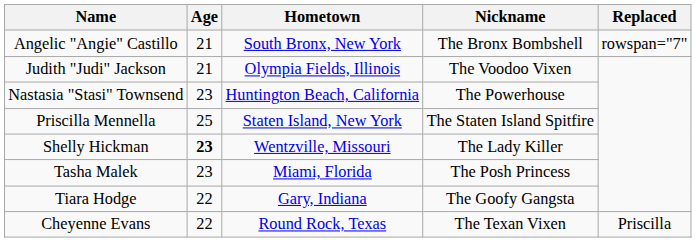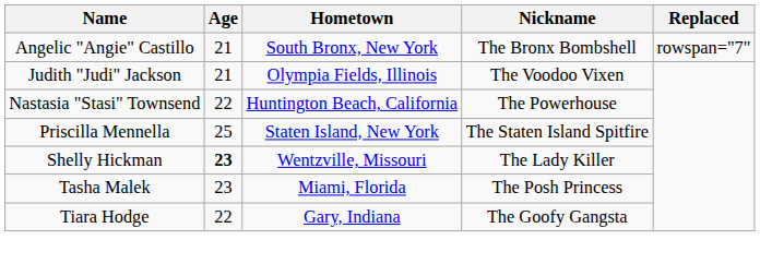 <table class="wikitable sortable plainrowheaders" style="text-align:center;">
 <tr>
 <th scope="col">Name</th>
 <th scope="col">Age</th>
 <th scope="col">Hometown</th>
 <th scope="col">Nickname</th>
 <th scope="col">Replaced</th>
 </tr>
 <tr>
 <td scope="row">Angelic "Angie" Castillo</td>
 <td>21</td>
 <td><a href='#'>South Bronx, New York</a></td>
 <td>The Bronx Bombshell</td>
 <td>rowspan="7" </td>
 </tr>
 <tr>
 <td scope="row">Judith "Judi" Jackson</td>
 <td>21</td>
 <td><a href='#'>Olympia Fields, Illinois</a></td>
 <td>The Voodoo Vixen</td>
 </tr>
 <tr>
 <td scope="row">Nastasia "Stasi" Townsend</td>
-<td>23</td>
+<td>22</td>
 <td><a href='#'>Huntington Beach, California</a></td>
 <td>The Powerhouse</td>
 </tr>
 <tr>
 <td scope="row">Priscilla Mennella</td>
 <td>25</td>
 <td><a href='#'>Staten Island, New York</a></td>
 <td>The Staten Island Spitfire</td>
 </tr>
 <tr>
 <td scope="row">Shelly Hickman</td>
 <td><strong>23</strong></td>
 <td><a href='#'>Wentzville, Missouri</a></td>
 <td>The Lady Killer</td>
 </tr>
 <tr>
 <td scope="row">Tasha Malek</td>
 <td>23</td>
 <td><a href='#'>Miami, Florida</a></td>
 <td>The Posh Princess</td>
 </tr>
 <tr>
 <td scope="row">Tiara Hodge</td>
 <td>22</td>
 <td><a href='#'>Gary, Indiana</a></td>
 <td>The Goofy Gangsta</td>
 </tr>
-<tr>
-<td scope="row">Cheyenne Evans</td>
-<td>22</td>
-<td><a href='#'>Round Rock, Texas</a></td>
-<td>The Texan Vixen</td>
-<td>Priscilla</td>
-</tr>
 </table>
